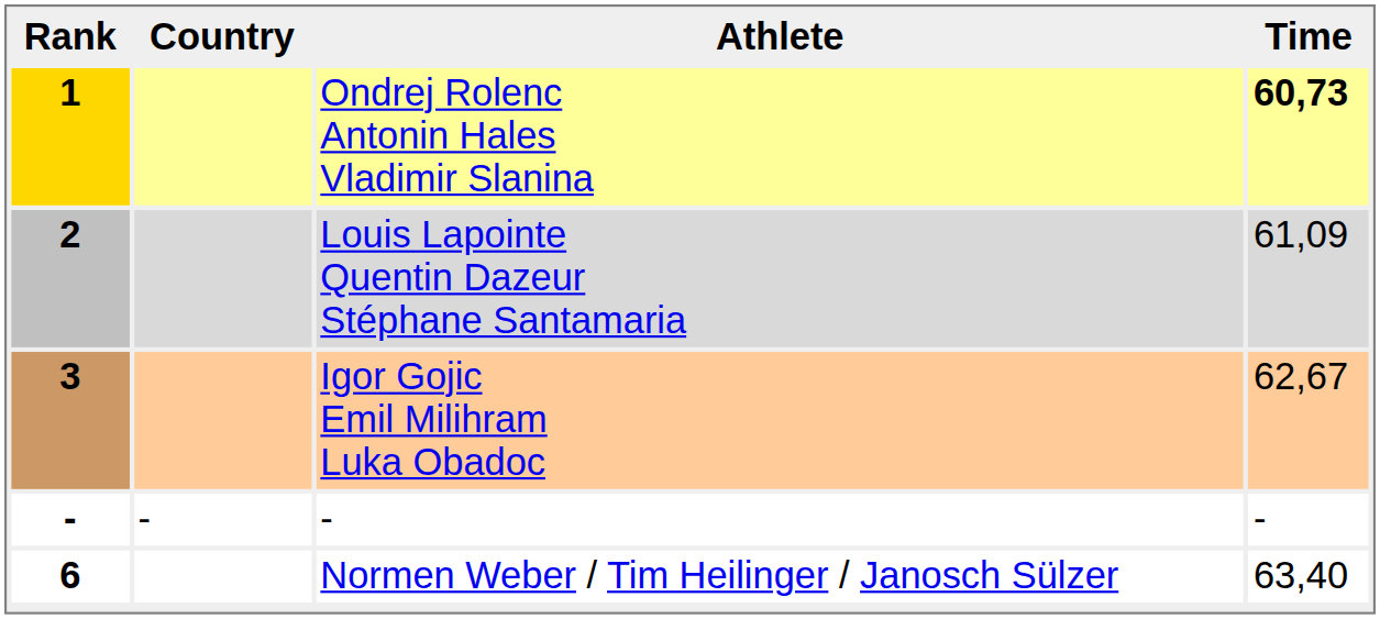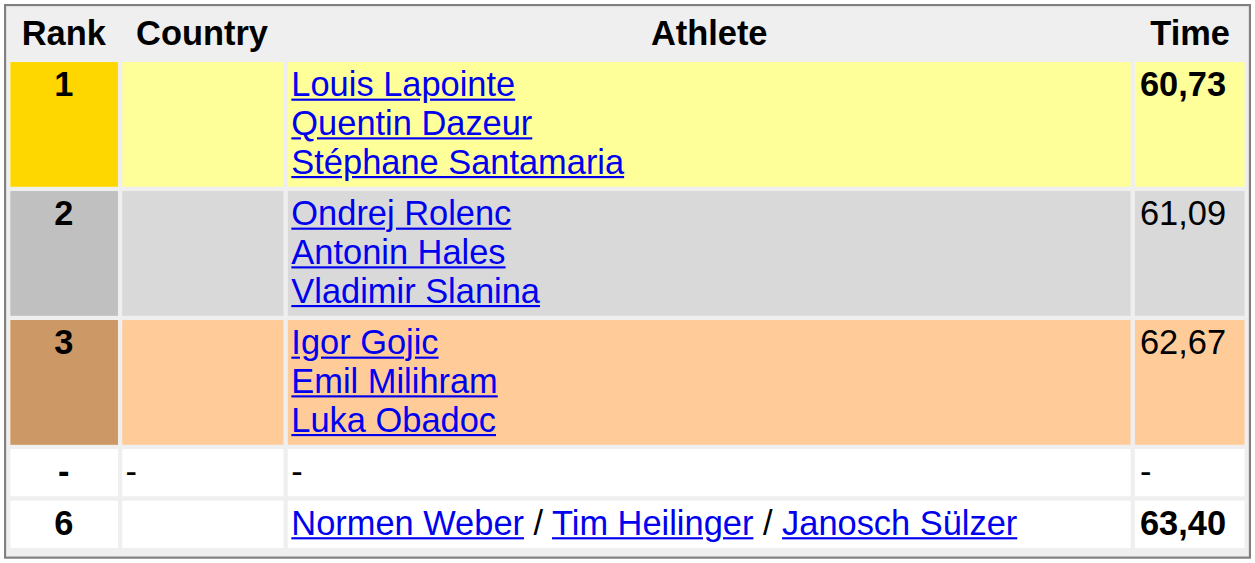 <table style="border-style:solid; border-width:1px; border-color:#808080; background-color:#EFEFEF;" cellpadding="2" cellspacing="2" width="580">
 <tr>
 <th>Rank</th>
 <th>Country</th>
 <th>Athlete</th>
 <th>Time</th>
 </tr>
 <tr align="center" bgcolor="#FFFF99" valign="top">
 <th style="background:#ffd700;">1</th>
 <td align="left"></td>
-<td align="left"><a href='#'>Ondrej Rolenc</a><br><a href='#'>Antonin Hales</a><br><a href='#'>Vladimir Slanina</a></td>
+<td align="left"><a href='#'>Louis Lapointe</a><br><a href='#'>Quentin Dazeur</a><br><a href='#'>Stéphane Santamaria</a></td>
 <td align="left"><strong>60,73</strong></td>
 </tr>
 <tr align="center" bgcolor="#D9D9D9" valign="top">
 <th style="background:#c0c0c0;">2</th>
 <td align="left"></td>
-<td align="left"><a href='#'>Louis Lapointe</a><br><a href='#'>Quentin Dazeur</a><br><a href='#'>Stéphane Santamaria</a></td>
+<td align="left"><a href='#'>Ondrej Rolenc</a><br><a href='#'>Antonin Hales</a><br><a href='#'>Vladimir Slanina</a></td>
 <td align="left">61,09</td>
 </tr>
 <tr align="center" bgcolor="#FFCC99" valign="top">
 <th style="background:#cc9966;">3</th>
 <td align="left"></td>
 <td align="left"><a href='#'>Igor Gojic</a><br><a href='#'>Emil Milihram</a><br><a href='#'>Luka Obadoc</a></td>
 <td align="left">62,67</td>
 </tr>
 <tr align="center" bgcolor="#FFFFFF" valign="top">
 <th>-</th>
 <td align="left">-</td>
 <td align="left">-</td>
 <td align="left">-</td>
 </tr>
 <tr align="center" bgcolor="#FFFFFF" valign="top">
 <th>6</th>
 <td align="left"></td>
 <td align="left"><a href='#'>Normen Weber</a> / <a href='#'>Tim Heilinger</a> / <a href='#'>Janosch Sülzer</a></td>
-<td align="left">63,40</td>
+<td align="left"><strong>63,40</strong></td>
 </tr>
 <tr align="center" bgcolor="#FFFFFF" valign="top">
 </tr>
 </table>
